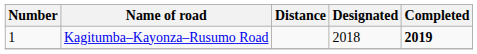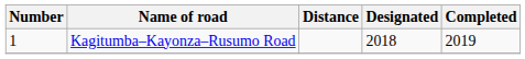 <table class="wikitable sortable" style="margin: 0.5em auto">
 <tr>
 <th>Number</th>
 <th>Name of road</th>
 <th>Distance</th>
 <th>Designated</th>
 <th>Completed</th>
 </tr>
 <tr>
 <td>1</td>
 <td><a href='#'>Kagitumba–Kayonza–Rusumo Road</a></td>
 <td></td>
 <td>2018</td>
-<td><strong>2019</strong></td>
+<td>2019</td>
 </tr>
 <tr>
 </tr>
 </table>
